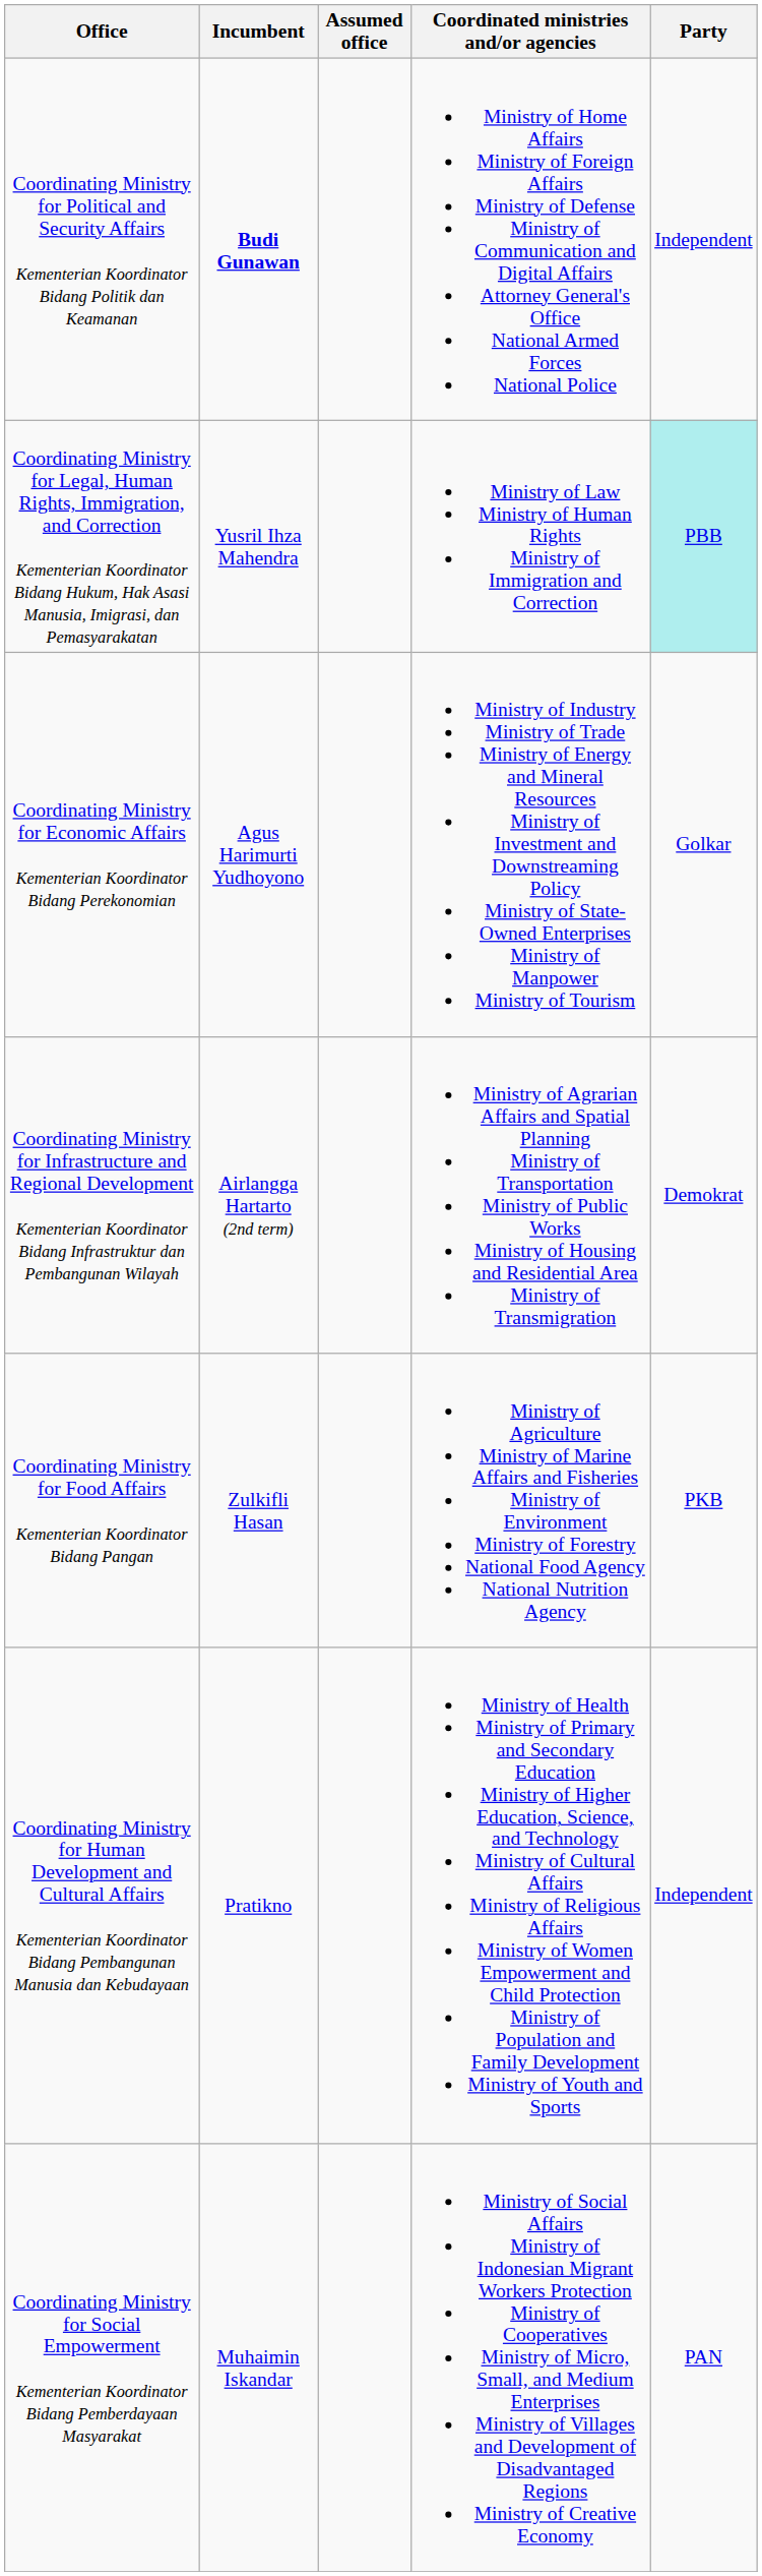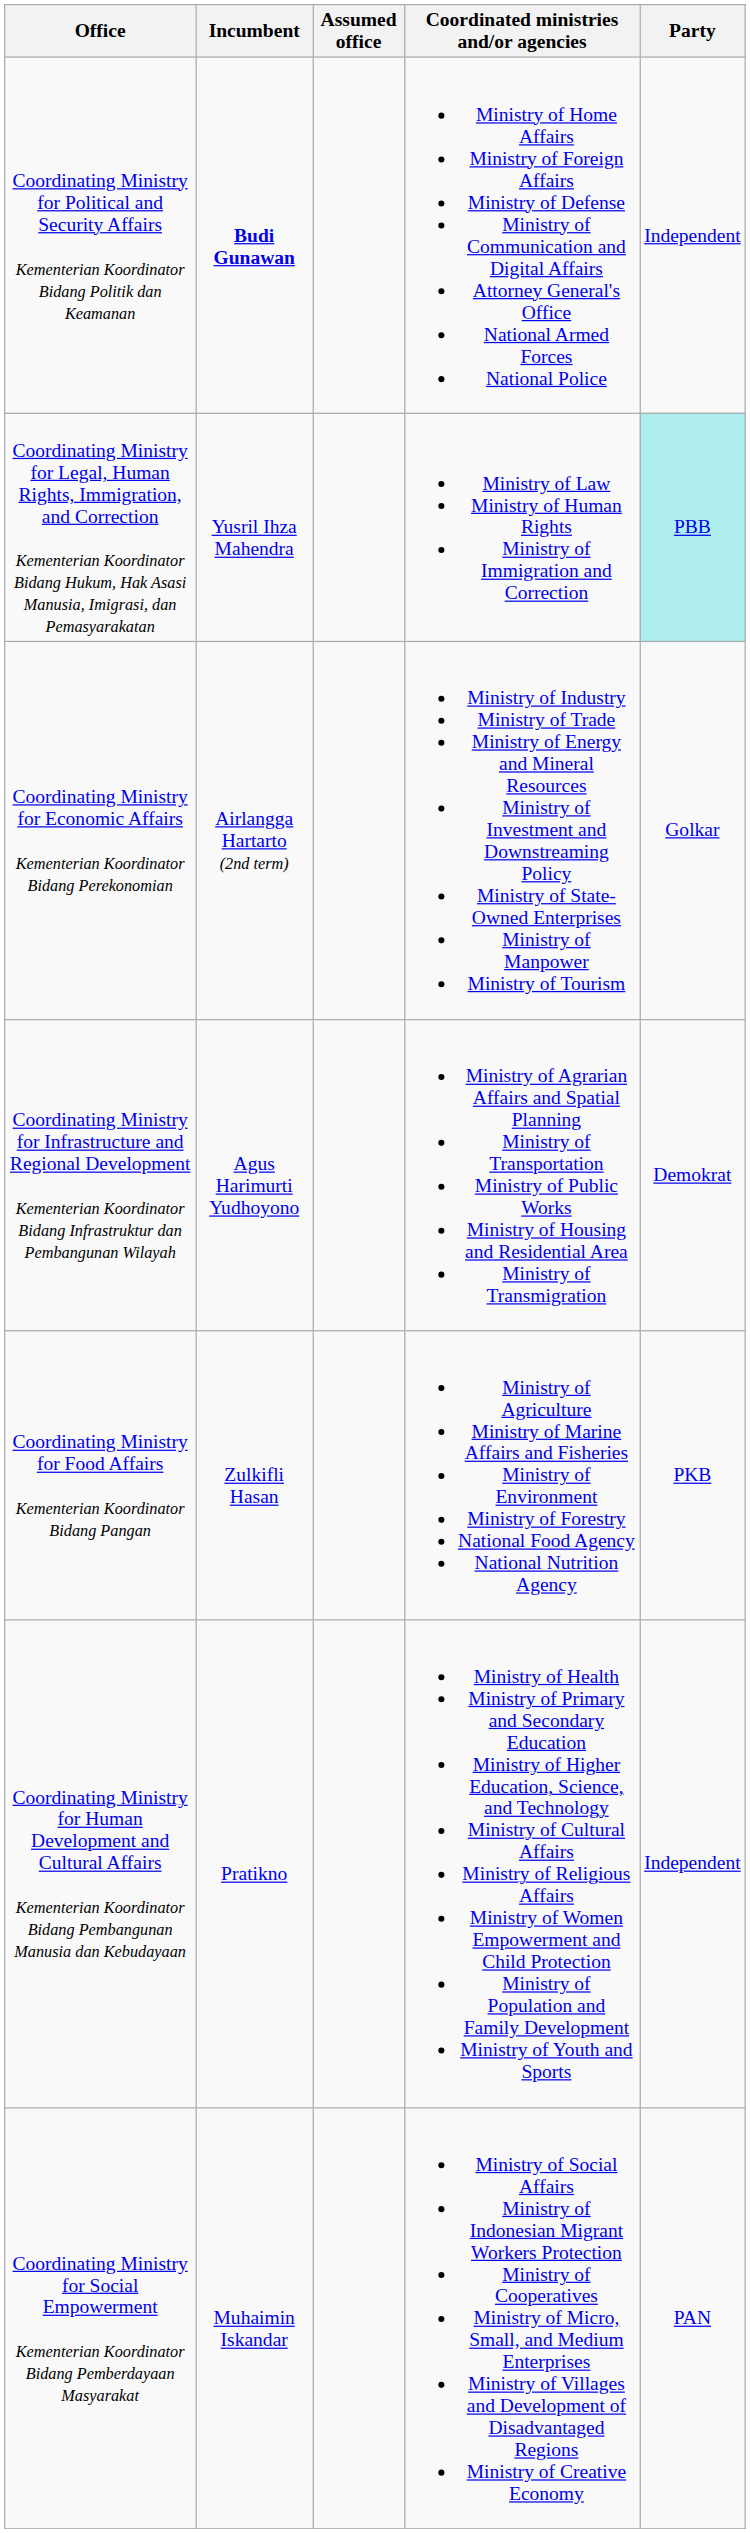 <table class="wikitable" style="text-align:center">
 <tr>
 <th>Office</th>
 <th>Incumbent</th>
 <th>Assumed office</th>
 <th>Coordinated ministries and/or agencies</th>
 <th>Party</th>
 </tr>
 <tr>
 <td align="center"><br><a href='#'>Coordinating Ministry for Political and Security Affairs</a><br><br><small><em>Kementerian Koordinator Bidang Politik dan Keamanan</em></small></td>
 <td><strong><br><a href='#'>Budi Gunawan</a></strong></td>
 <td></td>
 <td><br><ul><li><a href='#'>Ministry of Home Affairs</a></li><li><a href='#'>Ministry of Foreign Affairs</a></li><li><a href='#'>Ministry of Defense</a></li><li><a href='#'>Ministry of Communication and Digital Affairs</a></li><li><a href='#'>Attorney General's Office</a></li><li><a href='#'>National Armed Forces</a></li><li><a href='#'>National Police</a></li></ul></td>
 <td><a href='#'>Independent</a></td>
 </tr>
 <tr>
 <td align="center"><br><a href='#'>Coordinating Ministry for Legal, Human Rights, Immigration, and Correction</a><br><br><small><em>Kementerian Koordinator Bidang Hukum, Hak Asasi Manusia, Imigrasi, dan Pemasyarakatan</em></small></td>
 <td><br><a href='#'>Yusril Ihza Mahendra</a></td>
 <td></td>
 <td><br><ul><li><a href='#'>Ministry of Law</a></li><li><a href='#'>Ministry of Human Rights</a></li><li><a href='#'>Ministry of Immigration and Correction</a></li></ul></td>
 <td style="background: paleturquoise;"><a href='#'>PBB</a></td>
 </tr>
 <tr>
 <td align="center"><br><a href='#'>Coordinating Ministry for Economic Affairs</a><br><br><em><small>Kementerian Koordinator Bidang Perekonomian</small></em></td>
-<td><br><a href='#'>Agus Harimurti Yudhoyono</a></td>
+<td><br><a href='#'>Airlangga Hartarto</a><br><small><em>(2nd term)</em></small></td>
 <td></td>
 <td><br><ul><li><a href='#'>Ministry of Industry</a></li><li><a href='#'>Ministry of Trade</a></li><li><a href='#'>Ministry of Energy and Mineral Resources</a></li><li><a href='#'>Ministry of Investment and Downstreaming Policy</a></li><li><a href='#'>Ministry of State-Owned Enterprises</a></li><li><a href='#'>Ministry of Manpower</a></li><li><a href='#'>Ministry of Tourism</a></li></ul></td>
 <td><a href='#'>Golkar</a></td>
 </tr>
 <tr>
 <td align="center"><br><a href='#'>Coordinating Ministry for Infrastructure and Regional Development</a><br><br><small><em>Kementerian Koordinator Bidang Infrastruktur dan Pembangunan Wilayah</em></small></td>
-<td><br><a href='#'>Airlangga Hartarto</a><br><small><em>(2nd term)</em></small></td>
+<td><br><a href='#'>Agus Harimurti Yudhoyono</a></td>
 <td></td>
 <td><br><ul><li><a href='#'>Ministry of Agrarian Affairs and Spatial Planning</a></li><li><a href='#'>Ministry of Transportation</a></li><li><a href='#'>Ministry of Public Works</a></li><li><a href='#'>Ministry of Housing and Residential Area</a></li><li><a href='#'>Ministry of Transmigration</a></li></ul></td>
 <td><a href='#'>Demokrat</a></td>
 </tr>
 <tr>
 <td align="center"><br><a href='#'>Coordinating Ministry for Food Affairs</a><br><br><small><em>Kementerian Koordinator Bidang Pangan</em></small></td>
 <td><br><a href='#'>Zulkifli Hasan</a></td>
 <td></td>
 <td><br><ul><li><a href='#'>Ministry of Agriculture</a></li><li><a href='#'>Ministry of Marine Affairs and Fisheries</a></li><li><a href='#'>Ministry of Environment</a></li><li><a href='#'>Ministry of Forestry</a></li><li><a href='#'>National Food Agency</a></li><li><a href='#'>National Nutrition Agency</a></li></ul></td>
 <td><a href='#'>PKB</a></td>
 </tr>
 <tr>
 <td align="center"><br><a href='#'>Coordinating Ministry for Human Development and Cultural Affairs</a><br><br><small><em>Kementerian Koordinator Bidang Pembangunan Manusia dan Kebudayaan</em></small></td>
 <td><br><a href='#'>Pratikno</a></td>
 <td></td>
 <td><br><ul><li><a href='#'>Ministry of Health</a></li><li><a href='#'>Ministry of Primary and Secondary Education</a></li><li><a href='#'>Ministry of Higher Education, Science, and Technology</a></li><li><a href='#'>Ministry of Cultural Affairs</a></li><li><a href='#'>Ministry of Religious Affairs</a></li><li><a href='#'>Ministry of Women Empowerment and Child Protection</a></li><li><a href='#'>Ministry of Population and Family Development</a></li><li><a href='#'>Ministry of Youth and Sports</a></li></ul></td>
 <td><a href='#'>Independent</a></td>
 </tr>
 <tr>
 <td align="center"><br><a href='#'>Coordinating Ministry for Social Empowerment</a><br><br><small><em>Kementerian Koordinator Bidang Pemberdayaan Masyarakat</em></small></td>
 <td><br><a href='#'>Muhaimin Iskandar</a></td>
 <td></td>
 <td><br><ul><li><a href='#'>Ministry of Social Affairs</a></li><li><a href='#'>Ministry of Indonesian Migrant Workers Protection</a></li><li><a href='#'>Ministry of Cooperatives</a></li><li><a href='#'>Ministry of Micro, Small, and Medium Enterprises</a></li><li><a href='#'>Ministry of Villages and Development of Disadvantaged Regions</a></li><li><a href='#'>Ministry of Creative Economy</a></li></ul></td>
 <td><a href='#'>PAN</a></td>
 </tr>
 </table>
